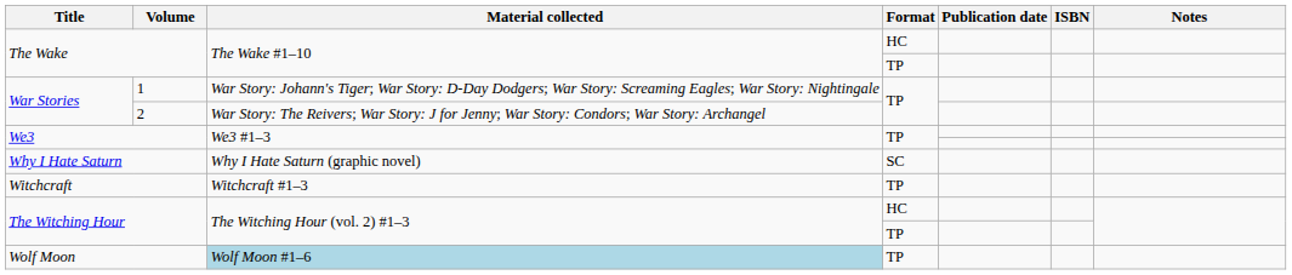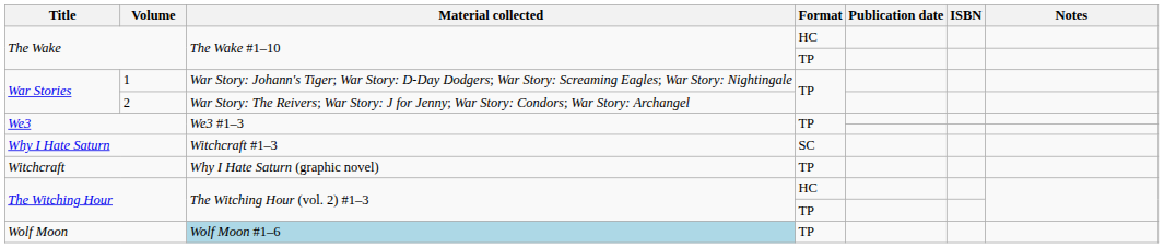 <table class="wikitable">
 <tr>
 <th width="10%">Title</th>
 <th>Volume</th>
 <th>Material collected</th>
 <th>Format</th>
 <th>Publication date</th>
 <th>ISBN</th>
 <th width="15%">Notes</th>
 </tr>
 <tr>
 <td colspan="2" rowspan="2"><em>The Wake</em></td>
 <td rowspan="2"><em>The Wake</em> #1–10</td>
 <td>HC</td>
 <td></td>
 <td></td>
 <td></td>
 </tr>
 <tr>
 <td>TP</td>
 <td></td>
 <td></td>
 <td></td>
 </tr>
 <tr>
 <td rowspan="2"><em><a href='#'>War Stories</a></em></td>
 <td>1</td>
 <td><em>War Story: Johann's Tiger</em>; <em>War Story: D-Day Dodgers</em>; <em>War Story: Screaming Eagles</em>; <em>War Story: Nightingale</em></td>
 <td rowspan="2">TP</td>
 <td></td>
 <td></td>
 <td></td>
 </tr>
 <tr>
 <td>2</td>
 <td><em>War Story: The Reivers</em>; <em>War Story: J for Jenny</em>; <em>War Story: Condors</em>; <em>War Story: Archangel</em></td>
 <td></td>
 <td></td>
 <td></td>
 </tr>
 <tr>
 <td colspan="2" rowspan="2"><em><a href='#'>We3</a></em></td>
 <td rowspan="2"><em>We3</em> #1–3</td>
 <td rowspan="2">TP</td>
 <td></td>
 <td></td>
 <td></td>
 </tr>
 <tr>
 <td></td>
 <td></td>
 <td></td>
 </tr>
 <tr>
 <td colspan="2"><em><a href='#'>Why I Hate Saturn</a></em></td>
-<td><em>Why I Hate Saturn</em> (graphic novel)</td>
+<td><em>Witchcraft</em> #1–3</td>
 <td>SC</td>
 <td></td>
 <td></td>
 <td></td>
 </tr>
 <tr>
 <td colspan="2"><em>Witchcraft</em></td>
-<td><em>Witchcraft</em> #1–3</td>
+<td><em>Why I Hate Saturn</em> (graphic novel)</td>
 <td>TP</td>
 <td></td>
 <td></td>
 <td></td>
 </tr>
 <tr>
 <td colspan="2" rowspan="2"><em><a href='#'>The Witching Hour</a></em></td>
 <td rowspan="2"><em>The Witching Hour</em> (vol. 2) #1–3</td>
 <td>HC</td>
 <td></td>
 <td></td>
 <td rowspan="2"></td>
 </tr>
 <tr>
 <td>TP</td>
 <td></td>
 <td></td>
 </tr>
 <tr>
 <td colspan="2"><em>Wolf Moon</em></td>
 <td style="background: lightblue;"><em>Wolf Moon</em> #1–6</td>
 <td>TP</td>
 <td></td>
 <td></td>
 <td></td>
 </tr>
 </table>
